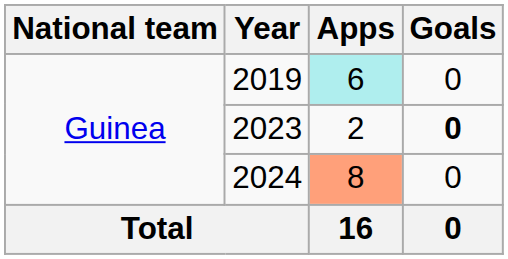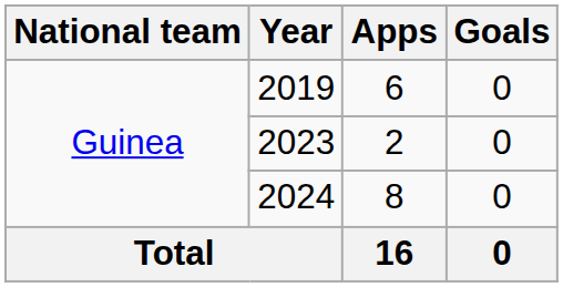 <table class="wikitable" style="text-align:center">
 <tr>
 <th>National team</th>
 <th>Year</th>
 <th>Apps</th>
 <th>Goals</th>
 </tr>
 <tr>
 <td rowspan="3"><a href='#'>Guinea</a></td>
 <td>2019</td>
-<td style="background: paleturquoise;">6</td>
+<td>6</td>
 <td>0</td>
 </tr>
 <tr>
 <td>2023</td>
 <td>2</td>
-<td><strong>0</strong></td>
+<td>0</td>
 </tr>
 <tr>
 <td>2024</td>
-<td style="background: lightsalmon;">8</td>
+<td>8</td>
 <td>0</td>
 </tr>
 <tr>
 <th colspan="2">Total</th>
 <th>16</th>
 <th>0</th>
 </tr>
 </table>
